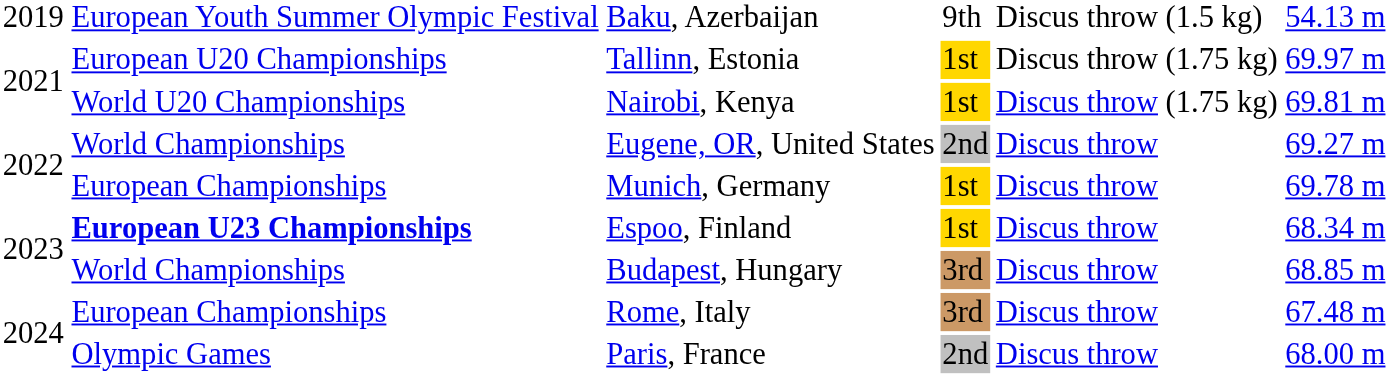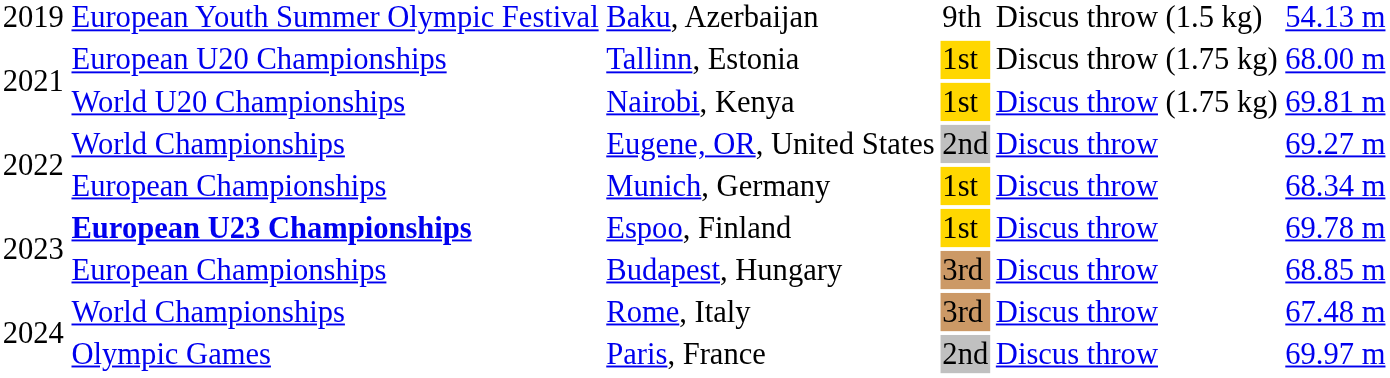 <table>
 <tr>
 <td>2019</td>
 <td><a href='#'>European Youth Summer Olympic Festival</a></td>
 <td><a href='#'>Baku</a>, Azerbaijan</td>
 <td>9th</td>
 <td>Discus throw (1.5 kg)</td>
 <td><a href='#'>54.13 m</a></td>
 </tr>
 <tr>
 <td rowspan=2>2021</td>
 <td><a href='#'>European U20 Championships</a></td>
 <td><a href='#'>Tallinn</a>, Estonia</td>
 <td bgcolor=gold>1st</td>
 <td>Discus throw (1.75 kg)</td>
-<td><a href='#'>69.97 m</a></td>
+<td><a href='#'>68.00 m</a></td>
 </tr>
 <tr>
 <td><a href='#'>World U20 Championships</a></td>
 <td><a href='#'>Nairobi</a>, Kenya</td>
 <td bgcolor=gold>1st</td>
 <td><a href='#'>Discus throw</a> (1.75 kg)</td>
 <td><a href='#'>69.81 m</a></td>
 </tr>
 <tr>
 <td rowspan=2>2022</td>
 <td><a href='#'>World Championships</a></td>
 <td><a href='#'>Eugene, OR</a>, United States</td>
 <td bgcolor=silver>2nd</td>
 <td><a href='#'>Discus throw</a></td>
 <td><a href='#'>69.27 m</a></td>
 </tr>
 <tr>
 <td><a href='#'>European Championships</a></td>
 <td><a href='#'>Munich</a>, Germany</td>
 <td bgcolor=gold>1st</td>
 <td><a href='#'>Discus throw</a></td>
-<td><a href='#'>69.78 m</a> <strong></strong></td>
+<td><a href='#'>68.34 m</a> <strong></strong></td>
 </tr>
 <tr>
 <td rowspan=2>2023</td>
 <td><strong><a href='#'>European U23 Championships</a></strong></td>
 <td><a href='#'>Espoo</a>, Finland</td>
 <td bgcolor=gold>1st</td>
 <td><a href='#'>Discus throw</a></td>
-<td><a href='#'>68.34 m</a> <strong></strong></td>
+<td><a href='#'>69.78 m</a> <strong></strong></td>
 </tr>
 <tr>
-<td><a href='#'>World Championships</a></td>
+<td><a href='#'>European Championships</a></td>
 <td><a href='#'>Budapest</a>, Hungary</td>
 <td bgcolor=cc9966>3rd</td>
 <td><a href='#'>Discus throw</a></td>
 <td><a href='#'>68.85 m</a></td>
 </tr>
 <tr>
 <td rowspan=2>2024</td>
-<td><a href='#'>European Championships</a></td>
+<td><a href='#'>World Championships</a></td>
 <td><a href='#'>Rome</a>, Italy</td>
 <td bgcolor=cc9966>3rd</td>
 <td><a href='#'>Discus throw</a></td>
 <td><a href='#'>67.48 m</a></td>
 </tr>
 <tr>
 <td><a href='#'>Olympic Games</a></td>
 <td><a href='#'>Paris</a>, France</td>
 <td bgcolor=silver>2nd</td>
 <td><a href='#'>Discus throw</a></td>
-<td><a href='#'>68.00 m</a></td>
+<td><a href='#'>69.97 m</a></td>
 </tr>
 </table>
